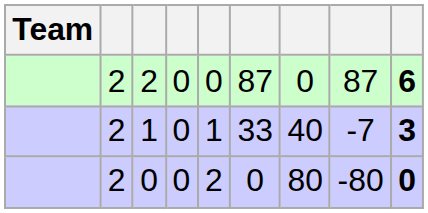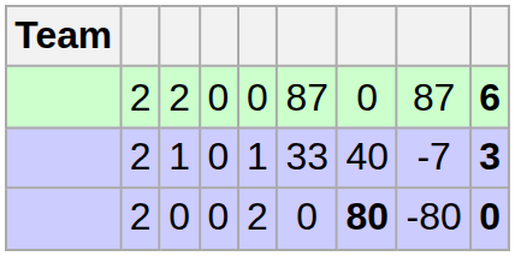 <table class="wikitable" style="text-align: center;">
 <tr>
 <th>Team</th>
 <th></th>
 <th></th>
 <th></th>
 <th></th>
 <th></th>
 <th></th>
 <th></th>
 <th></th>
 </tr>
 <tr bgcolor="ccffcc">
 <td align="left"></td>
 <td>2</td>
 <td>2</td>
 <td>0</td>
 <td>0</td>
 <td>87</td>
 <td>0</td>
 <td>87</td>
 <td><strong>6</strong></td>
 </tr>
 <tr bgcolor="ccccff">
 <td align="left"></td>
 <td>2</td>
 <td>1</td>
 <td>0</td>
 <td>1</td>
 <td>33</td>
 <td>40</td>
 <td>-7</td>
 <td><strong>3</strong></td>
 </tr>
 <tr bgcolor="ccccff">
 <td align="left"></td>
 <td>2</td>
 <td>0</td>
 <td>0</td>
 <td>2</td>
 <td>0</td>
-<td>80</td>
+<td><strong>80</strong></td>
 <td>-80</td>
 <td><strong>0</strong></td>
 </tr>
 </table>
